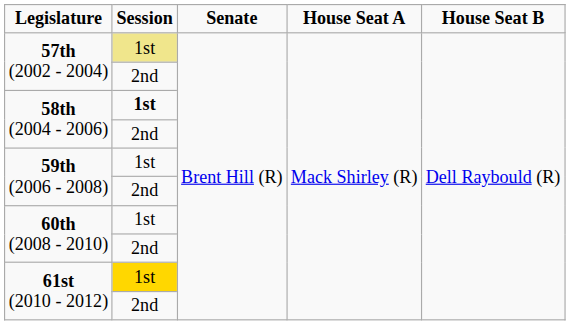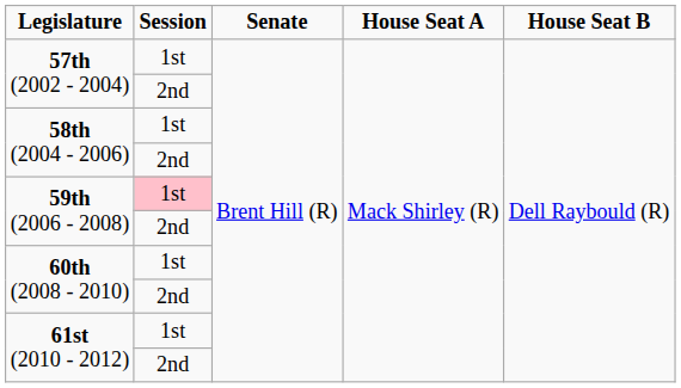 <table class=wikitable style="text-align:center">
 <tr>
 <td><strong>Legislature</strong></td>
 <td><strong>Session</strong></td>
 <td><strong>Senate</strong></td>
 <td><strong>House Seat A</strong></td>
 <td><strong>House Seat B</strong></td>
 </tr>
 <tr>
 <td rowspan="2" colspan="1" style="text-align: center;"><strong>57th</strong> <br> (2002 - 2004)</td>
-<td style="background: khaki;">1st</td>
+<td>1st</td>
 <td rowspan="10" colspan="1" style="text-align: center;" ><a href='#'>Brent Hill</a> (R)</td>
 <td rowspan="10" colspan="1" style="text-align: center;" ><a href='#'>Mack Shirley</a> (R)</td>
 <td rowspan="10" colspan="1" style="text-align: center;" ><a href='#'>Dell Raybould</a> (R)</td>
 </tr>
 <tr>
 <td>2nd</td>
 </tr>
 <tr>
 <td rowspan="2" colspan="1" style="text-align: center;"><strong>58th</strong> <br> (2004 - 2006)</td>
-<td><strong>1st</strong></td>
+<td>1st</td>
 </tr>
 <tr>
 <td>2nd</td>
 </tr>
 <tr>
 <td rowspan="2" colspan="1" style="text-align: center;"><strong>59th</strong> <br> (2006 - 2008)</td>
-<td>1st</td>
+<td style="background: pink;">1st</td>
 </tr>
 <tr>
 <td>2nd</td>
 </tr>
 <tr>
 <td rowspan="2" colspan="1" style="text-align: center;"><strong>60th</strong> <br> (2008 - 2010)</td>
 <td>1st</td>
 </tr>
 <tr>
 <td>2nd</td>
 </tr>
 <tr>
 <td rowspan="2" colspan="1" style="text-align: center;"><strong>61st</strong> <br> (2010 - 2012)</td>
-<td style="background: gold;">1st</td>
+<td>1st</td>
 </tr>
 <tr>
 <td>2nd</td>
 </tr>
 </table>
